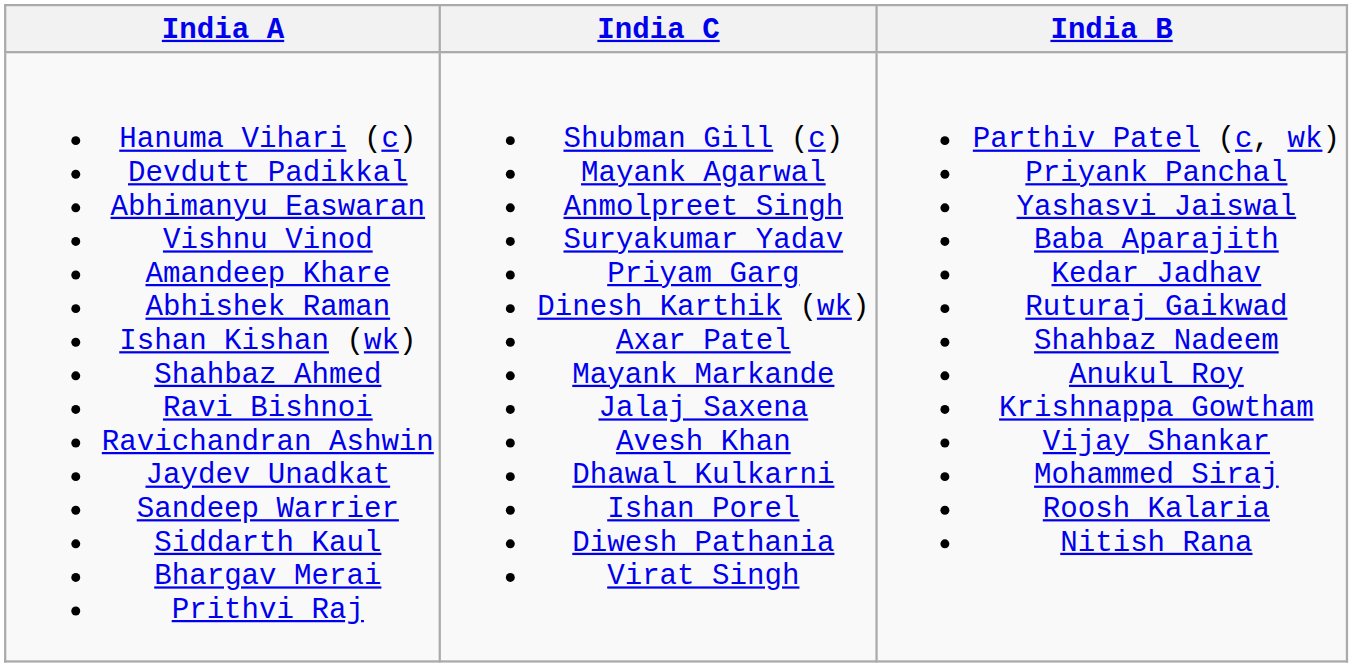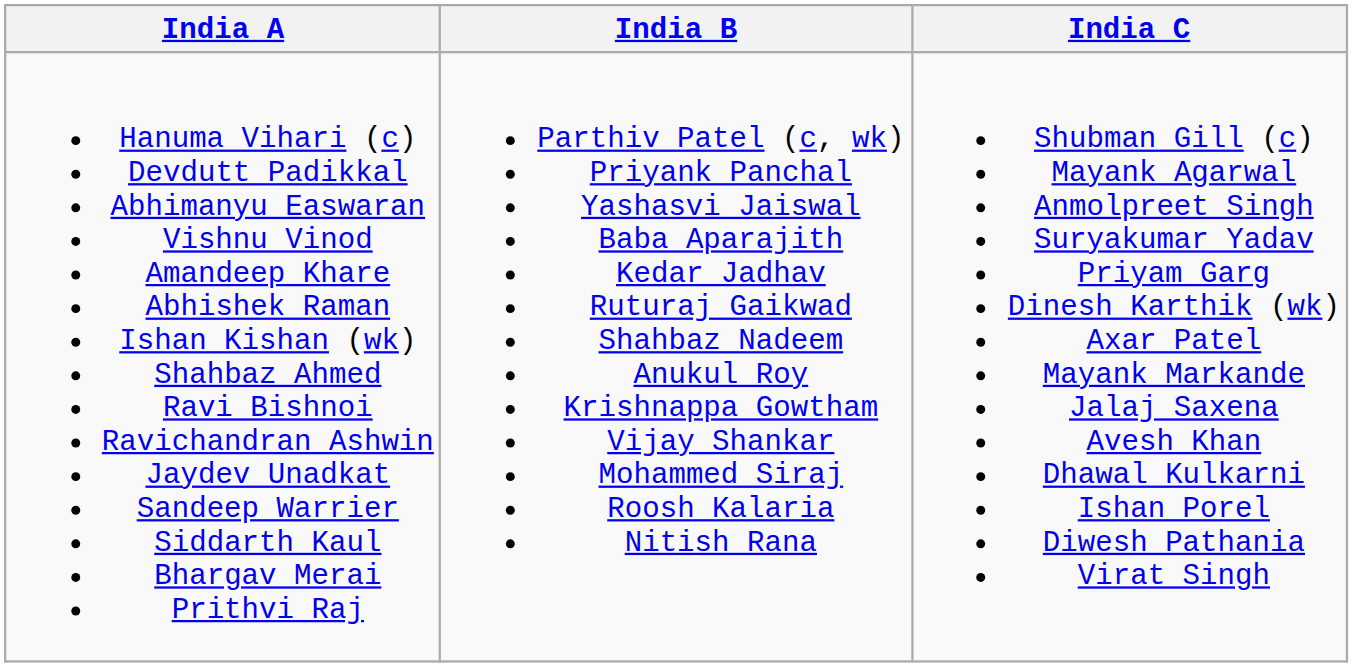 <table class="wikitable" style="text-align:center; margin:auto">
 <tr>
 <th><a href='#'>India A</a></th>
+<th><a href='#'>India B</a></th>
 <th><a href='#'>India C</a></th>
-<th><a href='#'>India B</a></th>
 </tr>
 <tr style="vertical-align:top">
 <td><br><ul><li><a href='#'>Hanuma Vihari</a> (<a href='#'>c</a>)</li><li><a href='#'>Devdutt Padikkal</a></li><li><a href='#'>Abhimanyu Easwaran</a></li><li><a href='#'>Vishnu Vinod</a></li><li><a href='#'>Amandeep Khare</a></li><li><a href='#'>Abhishek Raman</a></li><li><a href='#'>Ishan Kishan</a> (<a href='#'>wk</a>)</li><li><a href='#'>Shahbaz Ahmed</a></li><li><a href='#'>Ravi Bishnoi</a></li><li><a href='#'>Ravichandran Ashwin</a></li><li><a href='#'>Jaydev Unadkat</a></li><li><a href='#'>Sandeep Warrier</a></li><li><a href='#'>Siddarth Kaul</a></li><li><a href='#'>Bhargav Merai</a></li><li><a href='#'>Prithvi Raj</a></li></ul></td>
+<td><br><ul><li><a href='#'>Parthiv Patel</a> (<a href='#'>c</a>, <a href='#'>wk</a>)</li><li><a href='#'>Priyank Panchal</a></li><li><a href='#'>Yashasvi Jaiswal</a></li><li><a href='#'>Baba Aparajith</a></li><li><a href='#'>Kedar Jadhav</a></li><li><a href='#'>Ruturaj Gaikwad</a></li><li><a href='#'>Shahbaz Nadeem</a></li><li><a href='#'>Anukul Roy</a></li><li><a href='#'>Krishnappa Gowtham</a></li><li><a href='#'>Vijay Shankar</a></li><li><a href='#'>Mohammed Siraj</a></li><li><a href='#'>Roosh Kalaria</a></li><li><a href='#'>Nitish Rana</a></li></ul></td>
 <td><br><ul><li><a href='#'>Shubman Gill</a> (<a href='#'>c</a>)</li><li><a href='#'>Mayank Agarwal</a></li><li><a href='#'>Anmolpreet Singh</a></li><li><a href='#'>Suryakumar Yadav</a></li><li><a href='#'>Priyam Garg</a></li><li><a href='#'>Dinesh Karthik</a> (<a href='#'>wk</a>)</li><li><a href='#'>Axar Patel</a></li><li><a href='#'>Mayank Markande</a></li><li><a href='#'>Jalaj Saxena</a></li><li><a href='#'>Avesh Khan</a></li><li><a href='#'>Dhawal Kulkarni</a></li><li><a href='#'>Ishan Porel</a></li><li><a href='#'>Diwesh Pathania</a></li><li><a href='#'>Virat Singh</a></li></ul></td>
-<td><br><ul><li><a href='#'>Parthiv Patel</a> (<a href='#'>c</a>, <a href='#'>wk</a>)</li><li><a href='#'>Priyank Panchal</a></li><li><a href='#'>Yashasvi Jaiswal</a></li><li><a href='#'>Baba Aparajith</a></li><li><a href='#'>Kedar Jadhav</a></li><li><a href='#'>Ruturaj Gaikwad</a></li><li><a href='#'>Shahbaz Nadeem</a></li><li><a href='#'>Anukul Roy</a></li><li><a href='#'>Krishnappa Gowtham</a></li><li><a href='#'>Vijay Shankar</a></li><li><a href='#'>Mohammed Siraj</a></li><li><a href='#'>Roosh Kalaria</a></li><li><a href='#'>Nitish Rana</a></li></ul></td>
 </tr>
 </table>
